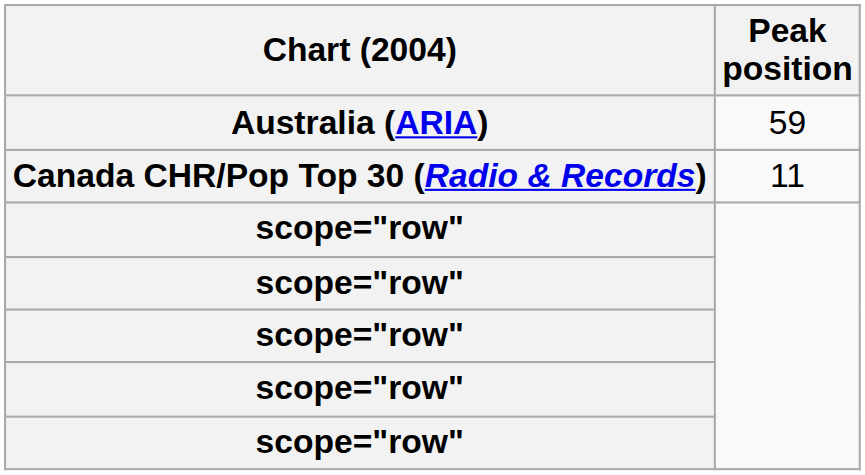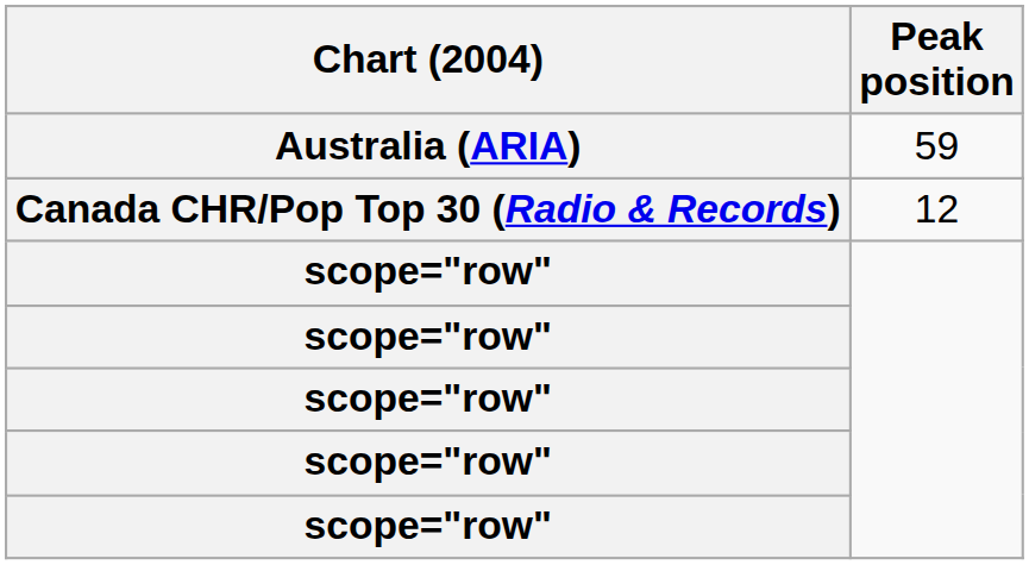 <table class="wikitable sortable plainrowheaders" style="text-align:center;">
 <tr>
 <th scope="col">Chart (2004)</th>
 <th scope="col">Peak<br>position</th>
 </tr>
 <tr>
 <th scope="row">Australia (<a href='#'>ARIA</a>)</th>
 <td>59</td>
 </tr>
 <tr>
 </tr>
 <tr>
 <th scope="row">Canada CHR/Pop Top 30 (<em><a href='#'>Radio & Records</a></em>)</th>
-<td>11</td>
+<td>12</td>
 </tr>
 <tr>
 <th>scope="row"</th>
 </tr>
 <tr>
 <th>scope="row"</th>
 </tr>
 <tr>
 <th>scope="row"</th>
 </tr>
 <tr>
 <th>scope="row"</th>
 </tr>
 <tr>
 <th>scope="row"</th>
 </tr>
 </table>
